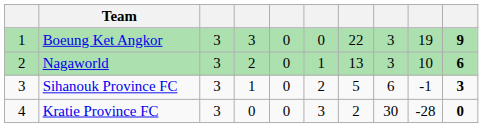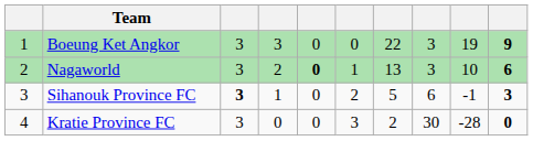 <table class="wikitable" style="text-align: center;">
 <tr>
 <th width=30></th>
 <th width=165>Team</th>
 <th width=30></th>
 <th width=30></th>
 <th width=30></th>
 <th width=30></th>
 <th width=30></th>
 <th width=30></th>
 <th width=30></th>
 <th width=30></th>
 </tr>
 <tr bgcolor=#ACE1AF>
 <td>1</td>
 <td align=left><a href='#'>Boeung Ket Angkor</a></td>
 <td>3</td>
 <td>3</td>
 <td>0</td>
 <td>0</td>
 <td>22</td>
 <td>3</td>
 <td>19</td>
 <td><strong>9</strong></td>
 </tr>
 <tr bgcolor=#ACE1AF>
 <td>2</td>
 <td align=left><a href='#'>Nagaworld</a></td>
 <td>3</td>
 <td>2</td>
-<td>0</td>
+<td><strong>0</strong></td>
 <td>1</td>
 <td>13</td>
 <td>3</td>
 <td>10</td>
 <td><strong>6</strong></td>
 </tr>
 <tr>
 <td>3</td>
 <td align=left><a href='#'>Sihanouk Province FC</a></td>
-<td>3</td>
+<td><strong>3</strong></td>
 <td>1</td>
 <td>0</td>
 <td>2</td>
 <td>5</td>
 <td>6</td>
 <td>-1</td>
 <td><strong>3</strong></td>
 </tr>
 <tr>
 <td>4</td>
 <td align=left><a href='#'>Kratie Province FC</a></td>
 <td>3</td>
 <td>0</td>
 <td>0</td>
 <td>3</td>
 <td>2</td>
 <td>30</td>
 <td>-28</td>
 <td><strong>0</strong></td>
 </tr>
 </table>
